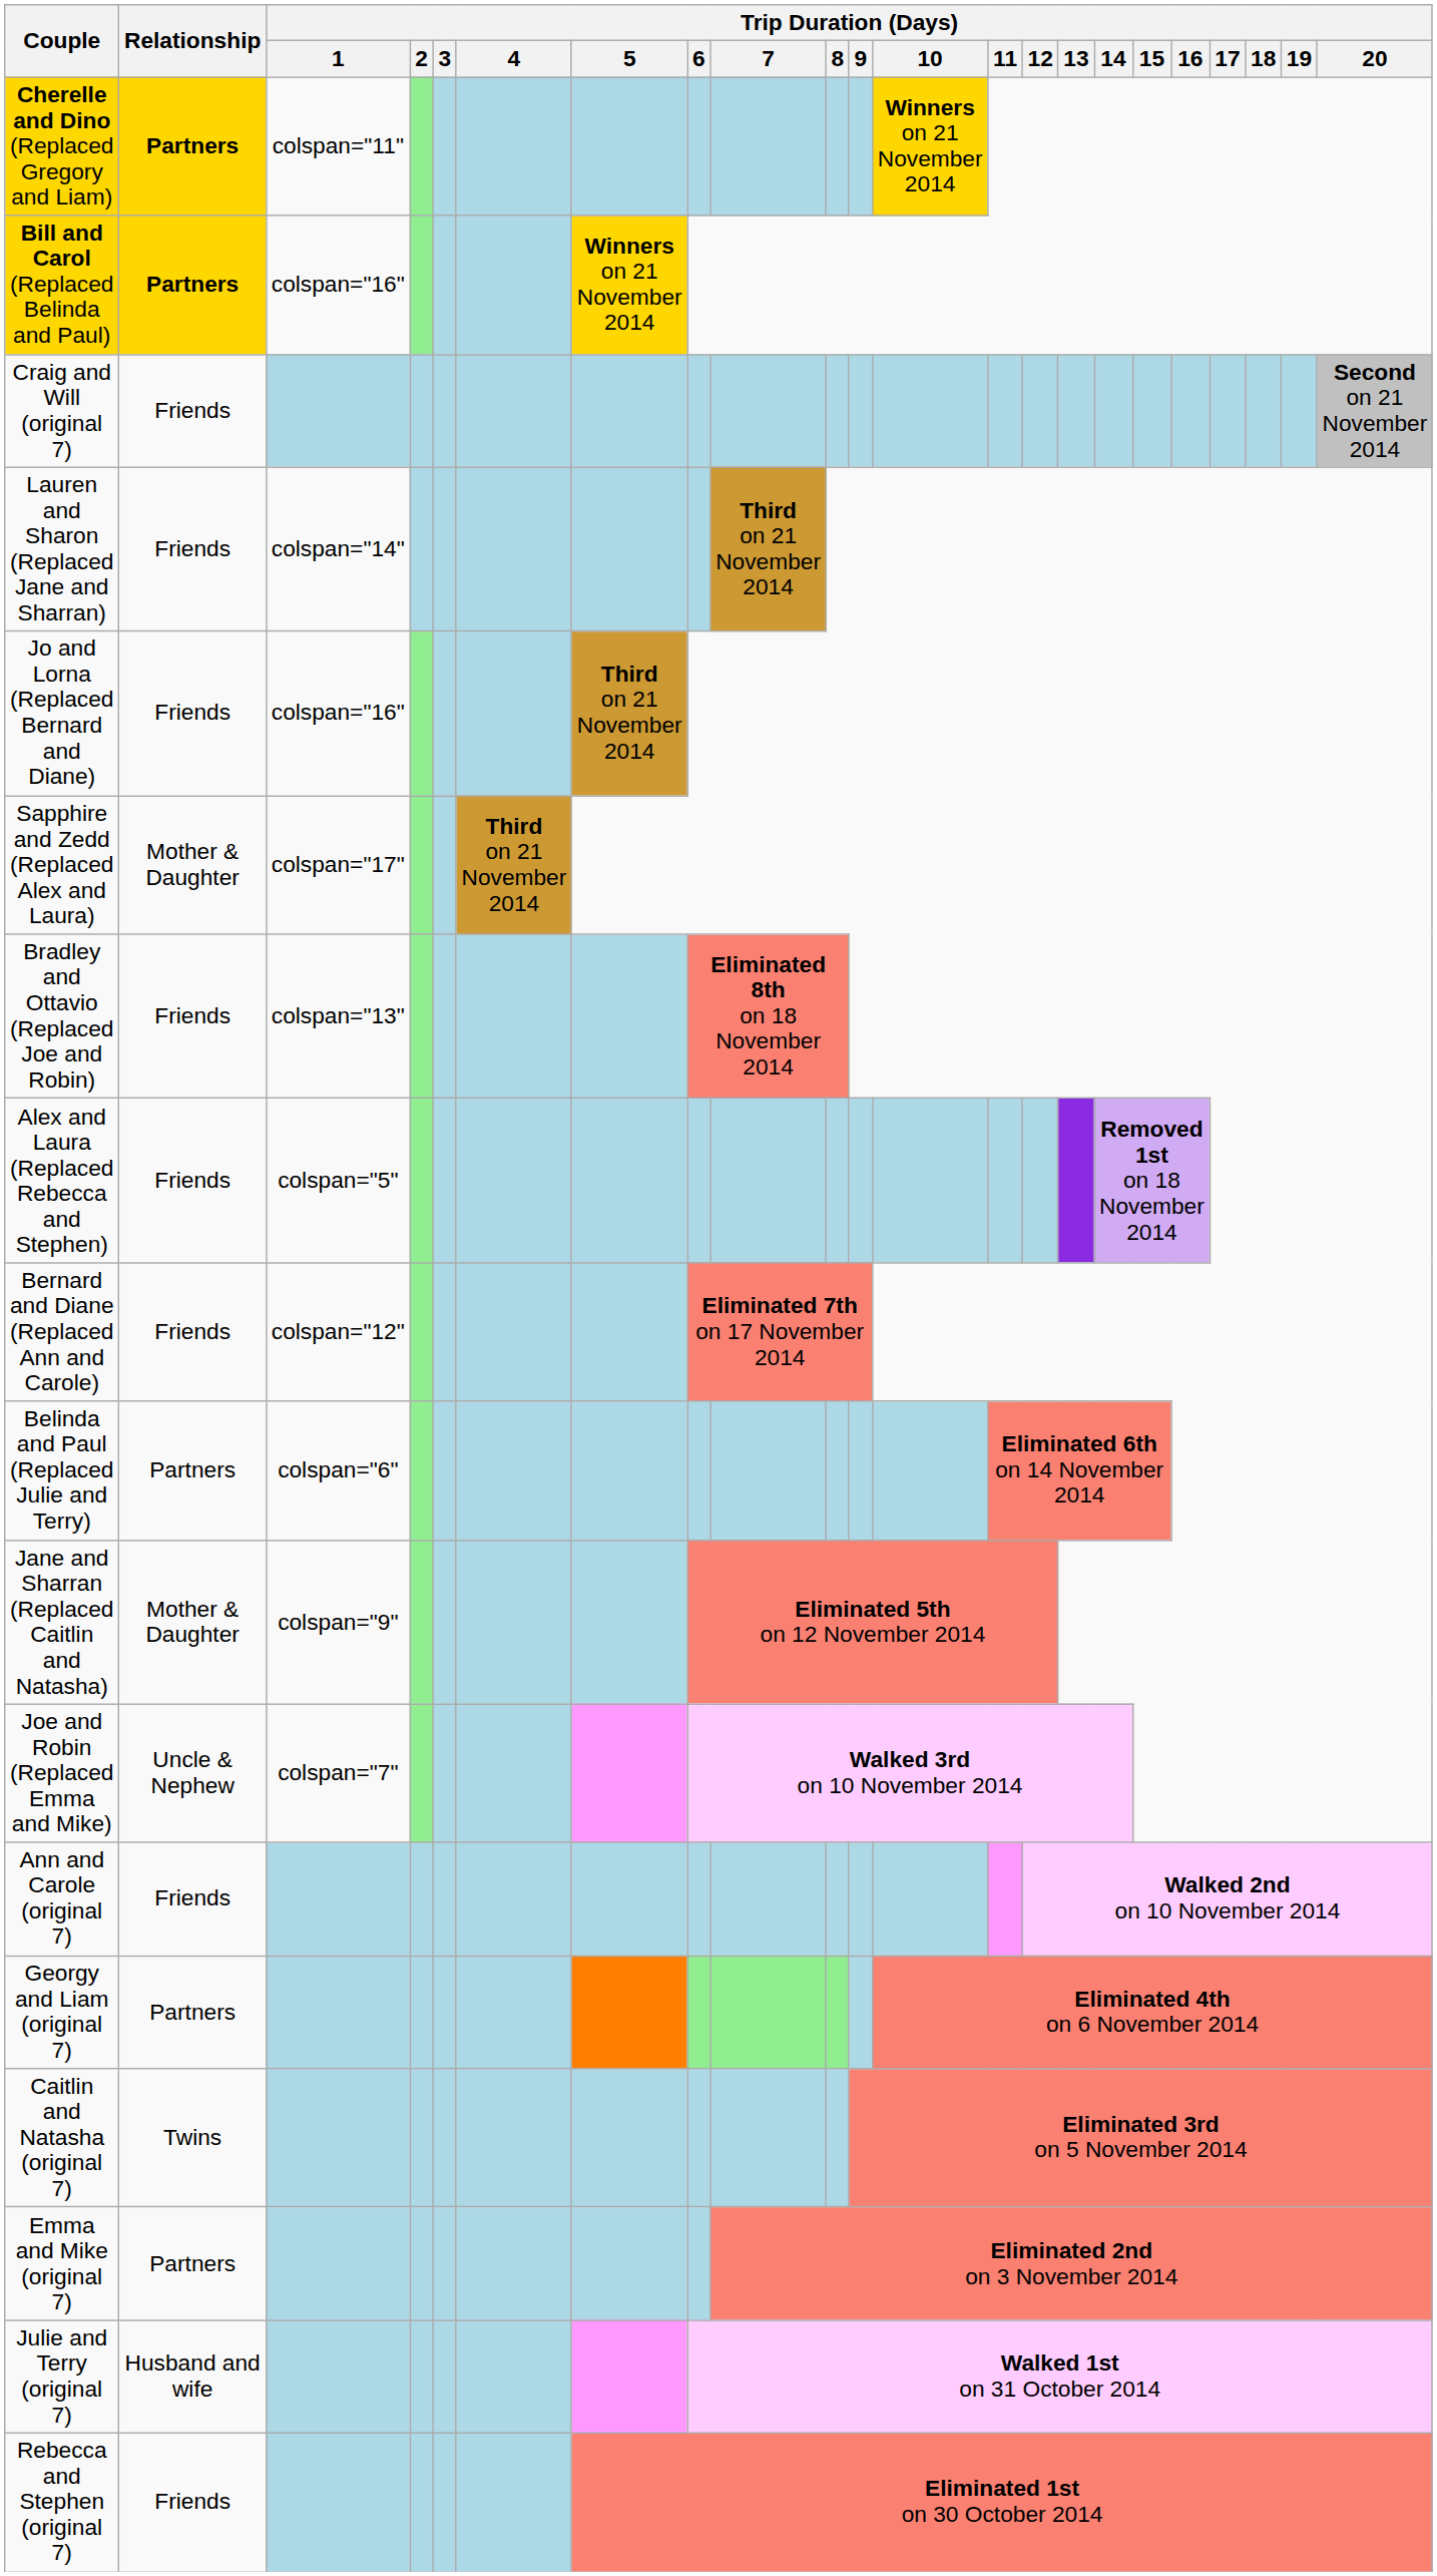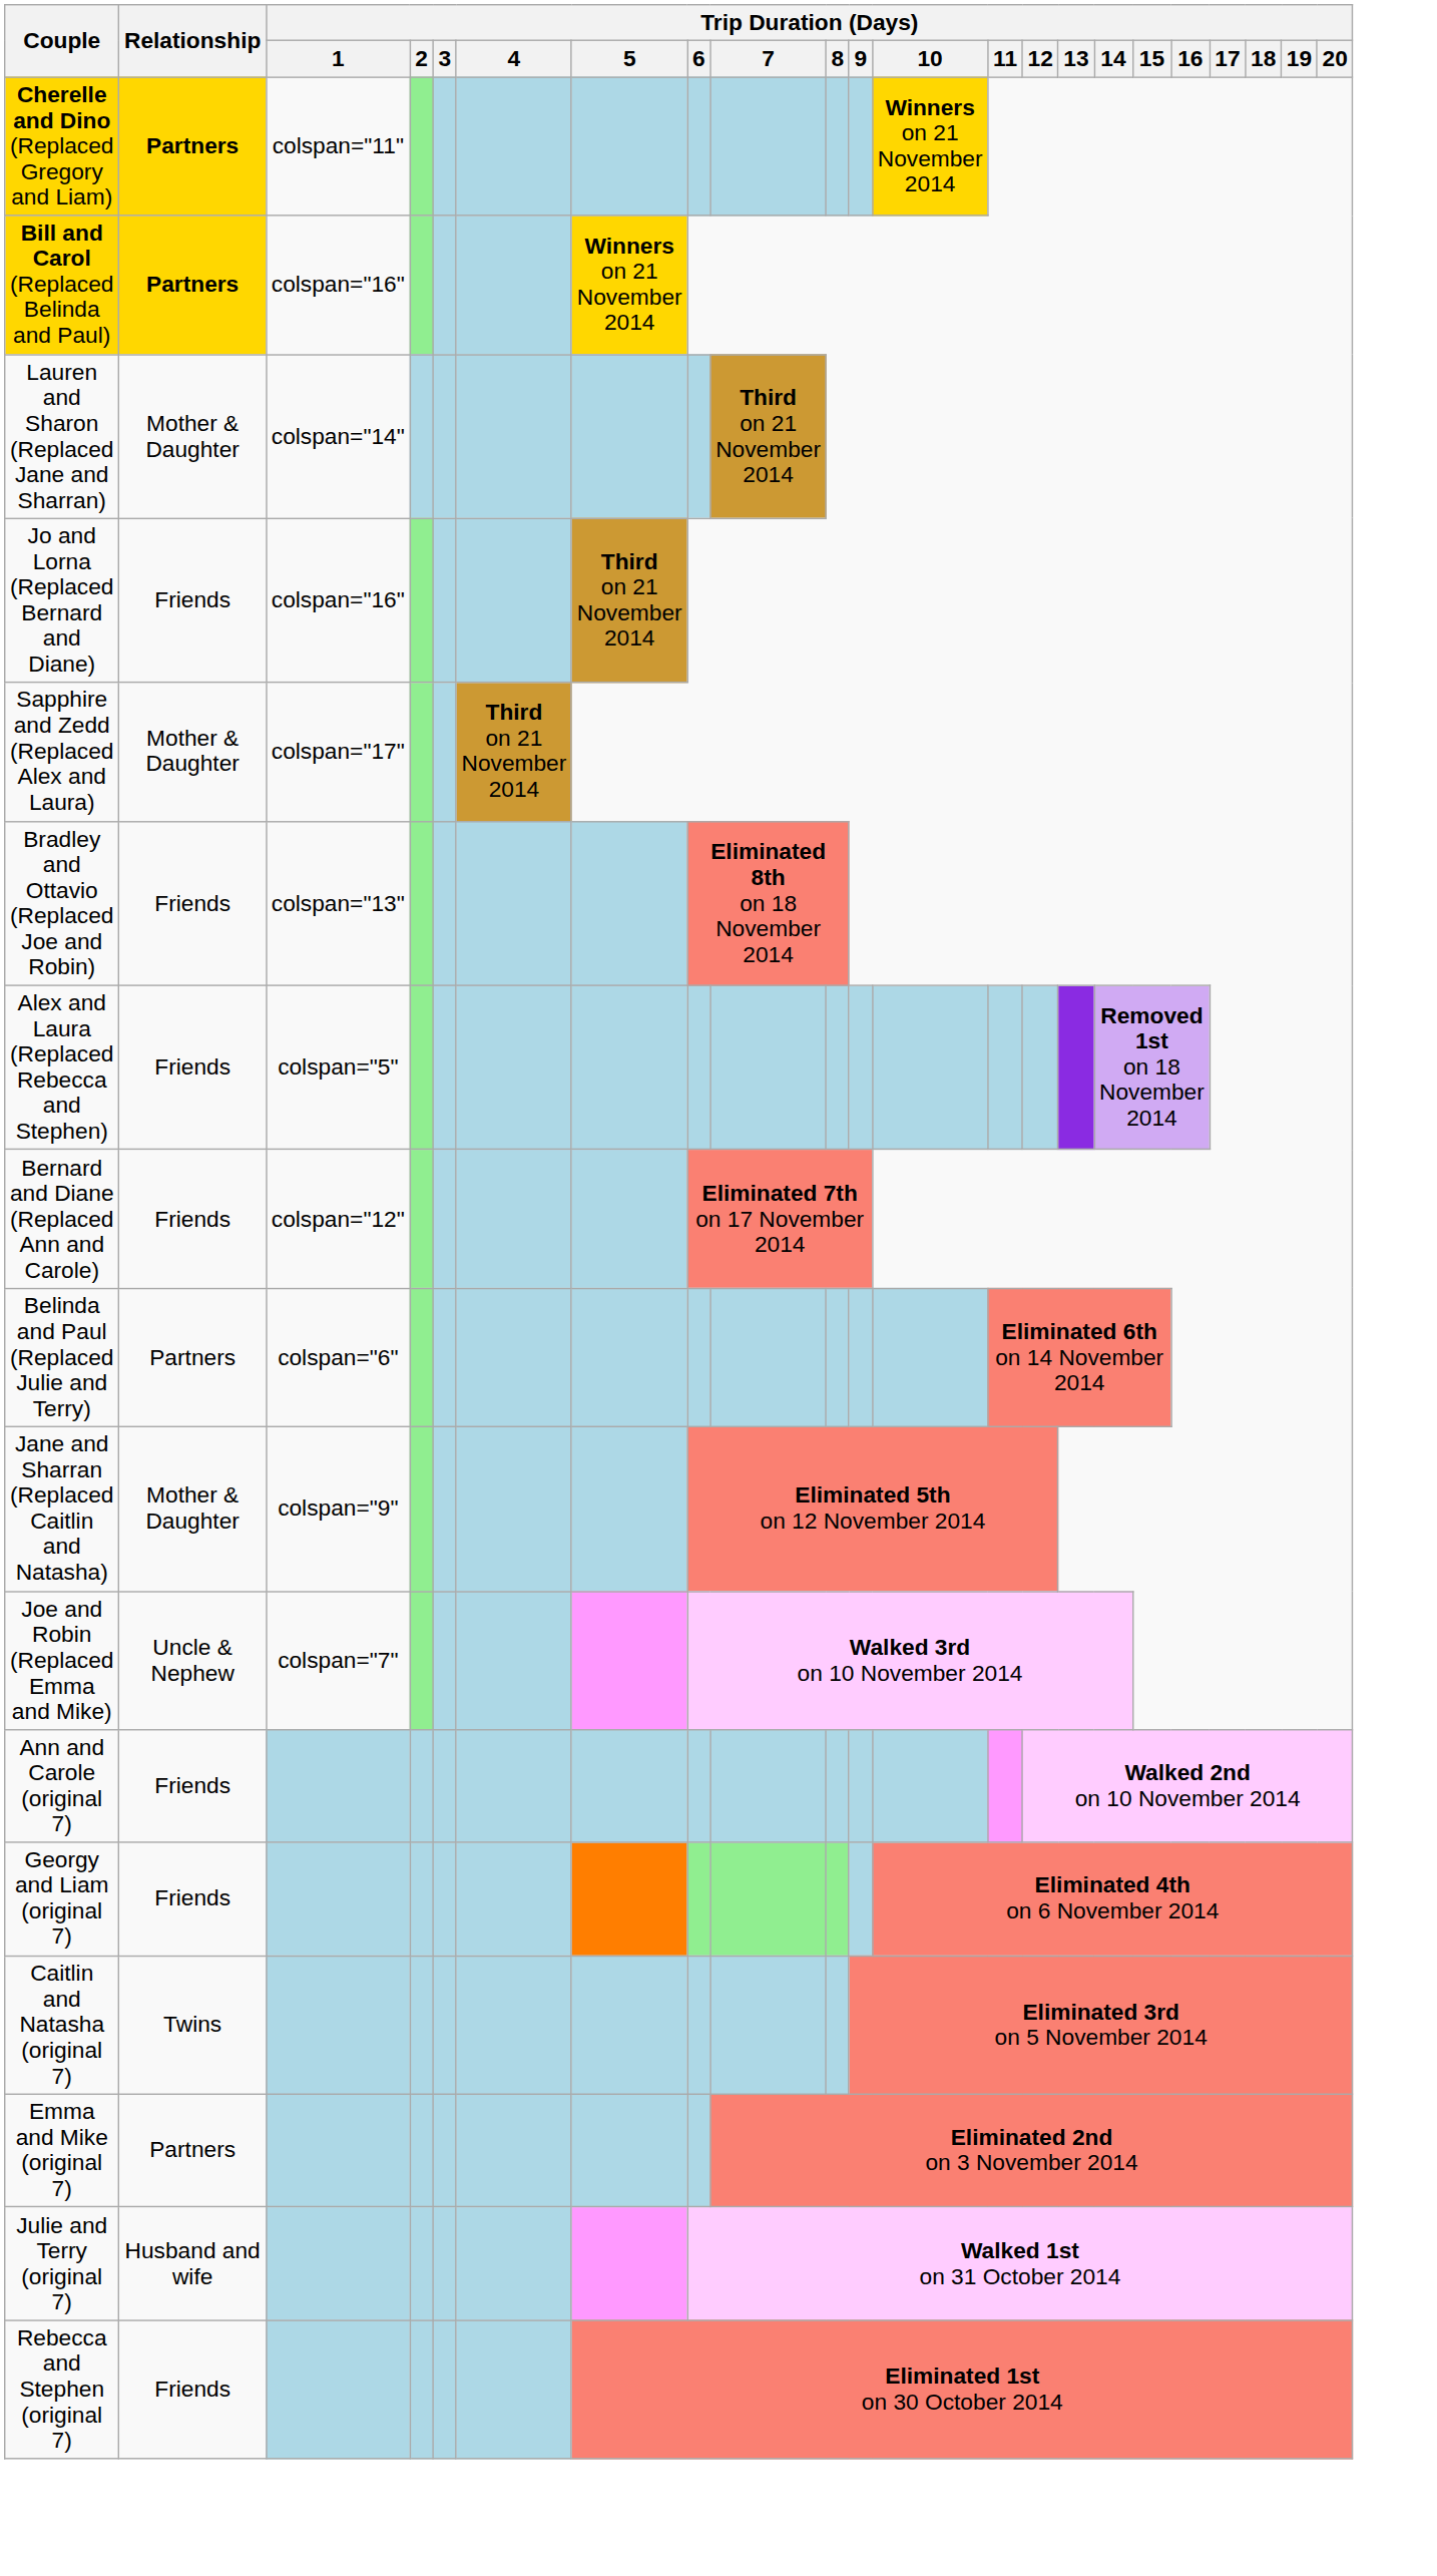 <table class="wikitable" style="text-align:center;">
 <tr>
 <th rowspan="2">Couple</th>
 <th rowspan="2">Relationship</th>
 <th colspan="20">Trip Duration (Days)</th>
 </tr>
 <tr>
 <th>1</th>
 <th>2</th>
 <th>3</th>
 <th>4</th>
 <th>5</th>
 <th>6</th>
 <th>7</th>
 <th>8</th>
 <th>9</th>
 <th>10</th>
 <th>11</th>
 <th>12</th>
 <th>13</th>
 <th>14</th>
 <th>15</th>
 <th>16</th>
 <th>17</th>
 <th>18</th>
 <th>19</th>
 <th>20</th>
 </tr>
 <tr>
 <td style="background:gold;"><strong>Cherelle and Dino</strong><br>(Replaced Gregory and Liam)</td>
 <td style="background:gold;"><strong>Partners</strong></td>
 <td>colspan="11" </td>
 <td style="background:lightgreen;"></td>
 <td style="background:lightblue;"></td>
 <td style="background:lightblue;"></td>
 <td style="background:lightblue;"></td>
 <td style="background:lightblue;"></td>
 <td style="background:lightblue;"></td>
 <td style="background:lightblue;"></td>
 <td style="background:lightblue;"></td>
 <td style="background:gold;"><strong>Winners</strong><br>on 21 November 2014</td>
 </tr>
 <tr>
 <td style="background:gold;"><strong>Bill and Carol</strong><br>(Replaced Belinda and Paul)</td>
 <td style="background:gold;"><strong>Partners</strong></td>
 <td>colspan="16" </td>
 <td style="background:lightgreen;"></td>
 <td style="background:lightblue;"></td>
 <td style="background:lightblue;"></td>
 <td style="background:gold;"><strong>Winners</strong><br>on 21 November 2014</td>
 </tr>
 <tr>
-<td>Craig and Will<br>(original 7)</td>
-<td>Friends</td>
-<td style="background:lightblue;"></td>
-<td style="background:lightblue;"></td>
-<td style="background:lightblue;"></td>
-<td style="background:lightblue;"></td>
-<td style="background:lightblue;"></td>
-<td style="background:lightblue;"></td>
-<td style="background:lightblue;"></td>
-<td style="background:lightblue;"></td>
-<td style="background:lightblue;"></td>
-<td style="background:lightblue;"></td>
-<td style="background:lightblue;"></td>
-<td style="background:lightblue;"></td>
-<td style="background:lightblue;"></td>
-<td style="background:lightblue;"></td>
-<td style="background:lightblue;"></td>
-<td style="background:lightblue;"></td>
-<td style="background:lightblue;"></td>
-<td style="background:lightblue;"></td>
-<td style="background:lightblue;"></td>
-<td style="background:silver;"><strong>Second</strong><br>on 21 November 2014</td>
-</tr>
-<tr>
 <td>Lauren and Sharon<br>(Replaced Jane and Sharran)</td>
-<td>Friends</td>
+<td>Mother & Daughter</td>
 <td>colspan="14" </td>
 <td style="background:lightblue;"></td>
 <td style="background:lightblue;"></td>
 <td style="background:lightblue;"></td>
 <td style="background:lightblue;"></td>
 <td style="background:lightblue;"></td>
 <td style="background:#cc9933;"><strong>Third</strong><br>on 21 November 2014</td>
 </tr>
 <tr>
 <td>Jo and Lorna<br>(Replaced Bernard and Diane)</td>
 <td>Friends</td>
 <td>colspan="16" </td>
 <td style="background:lightgreen;"></td>
 <td style="background:lightblue;"></td>
 <td style="background:lightblue;"></td>
 <td style="background:#cc9933;"><strong>Third</strong><br>on 21 November 2014</td>
 </tr>
 <tr>
 <td>Sapphire and Zedd<br>(Replaced Alex and Laura)</td>
 <td>Mother & Daughter</td>
 <td>colspan="17" </td>
 <td style="background:lightgreen;"></td>
 <td style="background:lightblue;"></td>
 <td style="background:#cc9933;"><strong>Third</strong><br>on 21 November 2014</td>
 </tr>
 <tr>
 <td>Bradley and Ottavio<br>(Replaced Joe and Robin)</td>
 <td>Friends</td>
 <td>colspan="13" </td>
 <td style="background:lightgreen;"></td>
 <td style="background:lightblue;"></td>
 <td style="background:lightblue;"></td>
 <td style="background:lightblue;"></td>
 <td colspan="3" style="background:#fa8072;"><strong>Eliminated 8th</strong><br>on 18 November 2014</td>
 </tr>
 <tr>
 <td>Alex and Laura<br>(Replaced Rebecca and Stephen)</td>
 <td>Friends</td>
 <td>colspan="5" </td>
 <td style="background:lightgreen;"></td>
 <td style="background:lightblue;"></td>
 <td style="background:lightblue;"></td>
 <td style="background:lightblue;"></td>
 <td style="background:lightblue;"></td>
 <td style="background:lightblue;"></td>
 <td style="background:lightblue;"></td>
 <td style="background:lightblue;"></td>
 <td style="background:lightblue;"></td>
 <td style="background:lightblue;"></td>
 <td style="background:lightblue;"></td>
 <td style="background:#8a2be2;"></td>
 <td colspan="3" style="background:#d0aaf3;"><strong>Removed 1st</strong><br>on 18 November 2014</td>
 </tr>
 <tr>
 <td>Bernard and Diane<br>(Replaced Ann and Carole)</td>
 <td>Friends</td>
 <td>colspan="12" </td>
 <td style="background:lightgreen;"></td>
 <td style="background:lightblue;"></td>
 <td style="background:lightblue;"></td>
 <td style="background:lightblue;"></td>
 <td colspan="4" style="background:#fa8072;"><strong>Eliminated 7th</strong><br>on 17 November 2014</td>
 </tr>
 <tr>
 <td>Belinda and Paul <br>(Replaced Julie and Terry)</td>
 <td>Partners</td>
 <td>colspan="6" </td>
 <td style="background:lightgreen;"></td>
 <td style="background:lightblue;"></td>
 <td style="background:lightblue;"></td>
 <td style="background:lightblue;"></td>
 <td style="background:lightblue;"></td>
 <td style="background:lightblue;"></td>
 <td style="background:lightblue;"></td>
 <td style="background:lightblue;"></td>
 <td style="background:lightblue;"></td>
 <td colspan="5" style="background:#fa8072;"><strong>Eliminated 6th</strong><br>on 14 November 2014</td>
 </tr>
 <tr>
 <td>Jane and Sharran<br>(Replaced Caitlin and Natasha)</td>
 <td>Mother & Daughter</td>
 <td>colspan="9" </td>
 <td style="background:lightgreen;"></td>
 <td style="background:lightblue;"></td>
 <td style="background:lightblue;"></td>
 <td style="background:lightblue;"></td>
 <td colspan="7" style="background:#fa8072;"><strong>Eliminated 5th</strong><br>on 12 November 2014</td>
 </tr>
 <tr>
 <td>Joe and Robin<br>(Replaced Emma and Mike)</td>
 <td>Uncle & Nephew</td>
 <td>colspan="7" </td>
 <td style="background:lightgreen;"></td>
 <td style="background:lightblue;"></td>
 <td style="background:lightblue;"></td>
 <td style="background:#ff99ff;"></td>
 <td colspan="9" style="background:#ffccff;"><strong>Walked 3rd</strong><br>on 10 November 2014</td>
 </tr>
 <tr>
 <td>Ann and Carole<br>(original 7)</td>
 <td>Friends</td>
 <td style="background:lightblue;"></td>
 <td style="background:lightblue;"></td>
 <td style="background:lightblue;"></td>
 <td style="background:lightblue;"></td>
 <td style="background:lightblue;"></td>
 <td style="background:lightblue;"></td>
 <td style="background:lightblue;"></td>
 <td style="background:lightblue;"></td>
 <td style="background:lightblue;"></td>
 <td style="background:lightblue;"></td>
 <td style="background:#ff99ff;"></td>
 <td colspan="9" style="background:#ffccff;"><strong>Walked 2nd</strong><br>on 10 November 2014</td>
 </tr>
 <tr>
 <td>Georgy and Liam<br>(original 7)</td>
-<td>Partners</td>
+<td>Friends</td>
 <td style="background:lightblue;"></td>
 <td style="background:lightblue;"></td>
 <td style="background:lightblue;"></td>
 <td style="background:lightblue;"></td>
 <td style="background:#ff7e00;"></td>
 <td style="background:lightgreen;"></td>
 <td style="background:lightgreen;"></td>
 <td style="background:lightgreen;"></td>
 <td style="background:lightblue;"></td>
 <td colspan="11" style="background:#fa8072;"><strong>Eliminated 4th</strong><br>on 6 November 2014</td>
 </tr>
 <tr>
 <td>Caitlin and Natasha<br>(original 7)</td>
 <td>Twins</td>
 <td style="background:lightblue;"></td>
 <td style="background:lightblue;"></td>
 <td style="background:lightblue;"></td>
 <td style="background:lightblue;"></td>
 <td style="background:lightblue;"></td>
 <td style="background:lightblue;"></td>
 <td style="background:lightblue;"></td>
 <td style="background:lightblue;"></td>
 <td colspan="12" style="background:#fa8072;"><strong>Eliminated 3rd</strong><br>on 5 November 2014</td>
 </tr>
 <tr>
 <td>Emma and Mike<br>(original 7)</td>
 <td>Partners</td>
 <td style="background:lightblue;"></td>
 <td style="background:lightblue;"></td>
 <td style="background:lightblue;"></td>
 <td style="background:lightblue;"></td>
 <td style="background:lightblue;"></td>
 <td style="background:lightblue;"></td>
 <td colspan="14" style="background:#fa8072;"><strong>Eliminated 2nd</strong><br>on 3 November 2014</td>
 </tr>
 <tr>
 <td>Julie and Terry<br>(original 7)</td>
 <td>Husband and wife</td>
 <td style="background:lightblue;"></td>
 <td style="background:lightblue;"></td>
 <td style="background:lightblue;"></td>
 <td style="background:lightblue;"></td>
 <td style="background:#ff99ff;"></td>
 <td colspan="15" style="background:#ffccff;"><strong>Walked 1st</strong><br>on 31 October 2014</td>
 </tr>
 <tr>
 <td>Rebecca and Stephen<br>(original 7)</td>
 <td>Friends</td>
 <td style="background:lightblue;"></td>
 <td style="background:lightblue;"></td>
 <td style="background:lightblue;"></td>
 <td style="background:lightblue;"></td>
 <td colspan="16" style="background:#fa8072;"><strong>Eliminated 1st</strong><br>on 30 October 2014</td>
 </tr>
 </table>
